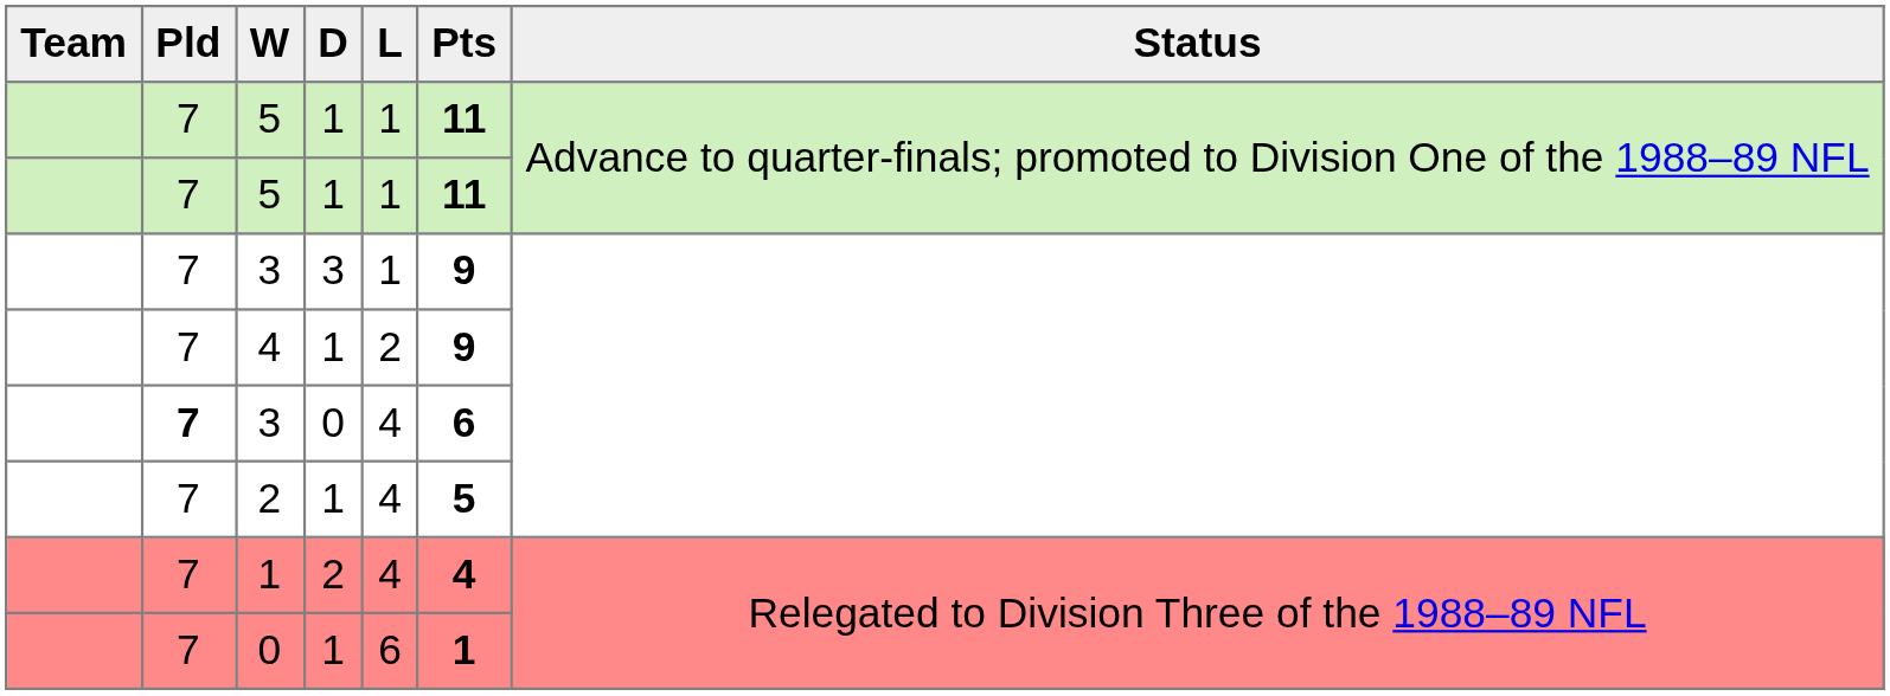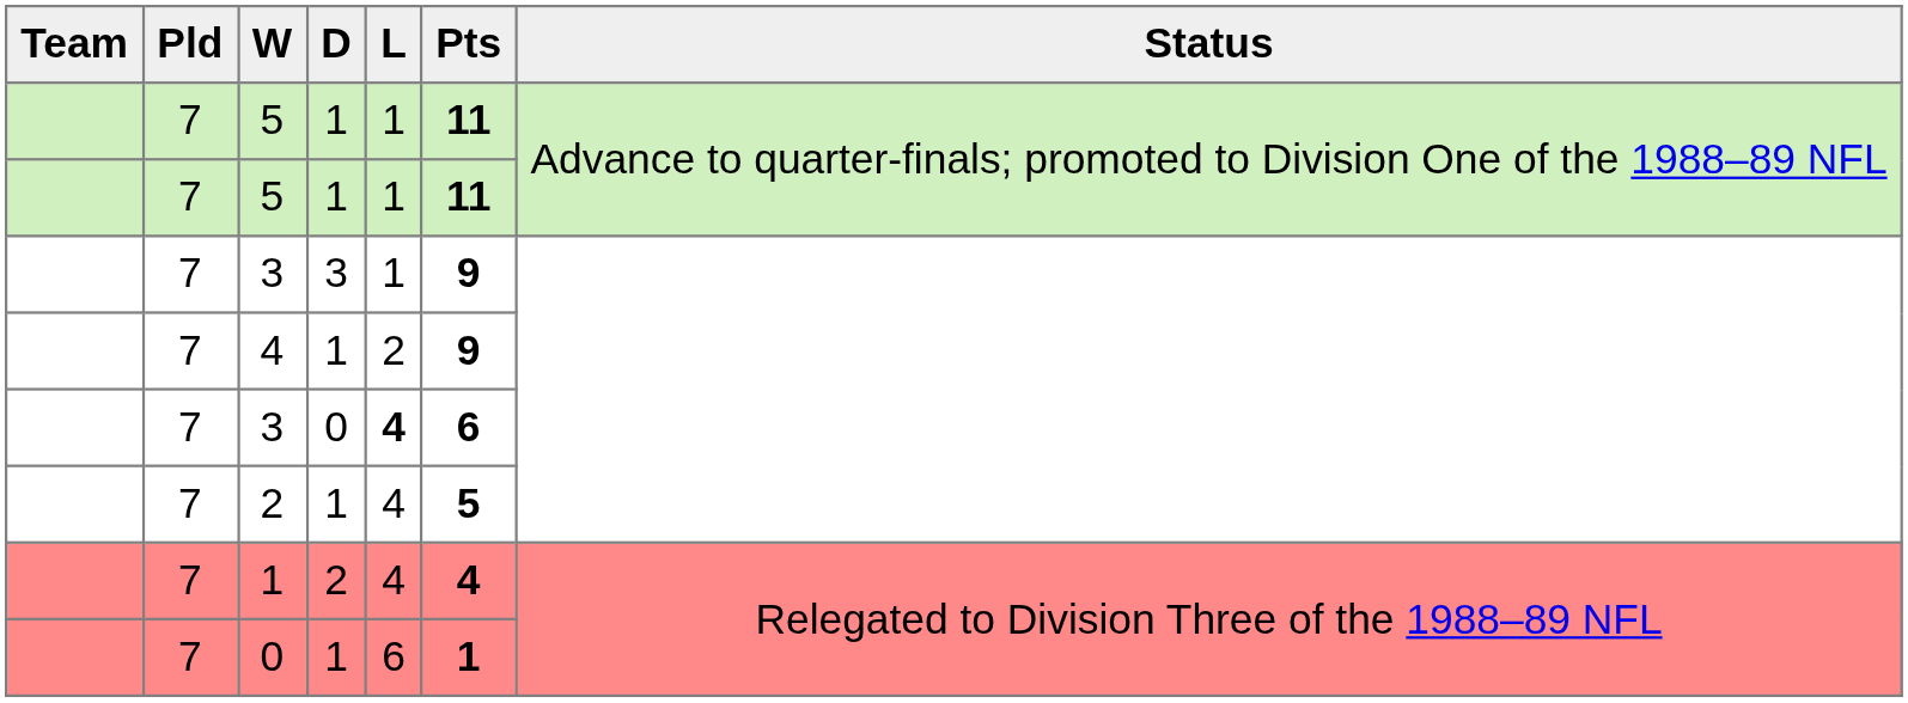 <table style=border-collapse:collapse border=1 cellspacing=0 cellpadding=5>
 <tr align=center bgcolor=#efefef>
 <th>Team</th>
 <th>Pld</th>
 <th>W</th>
 <th>D</th>
 <th>L</th>
 <th>Pts</th>
 <th>Status</th>
 </tr>
 <tr align=center style="background:#D0F0C0;">
 <td style="text-align:left;"> </td>
 <td>7</td>
 <td>5</td>
 <td>1</td>
 <td>1</td>
 <td><strong>11</strong></td>
 <td rowspan=2>Advance to quarter-finals; promoted to Division One of the <a href='#'>1988–89 NFL</a></td>
 </tr>
 <tr align=center style="background:#D0F0C0;">
 <td style="text-align:left;"> </td>
 <td>7</td>
 <td>5</td>
 <td>1</td>
 <td>1</td>
 <td><strong>11</strong></td>
 </tr>
 <tr align=center style="background:#FFFFFF;">
 <td style="text-align:left;"> </td>
 <td>7</td>
 <td>3</td>
 <td>3</td>
 <td>1</td>
 <td><strong>9</strong></td>
 <td rowspan=4></td>
 </tr>
 <tr align=center style="background:#FFFFFF;">
 <td style="text-align:left;"> </td>
 <td>7</td>
 <td>4</td>
 <td>1</td>
 <td>2</td>
 <td><strong>9</strong></td>
 </tr>
 <tr align=center style="background:#FFFFFF;">
 <td style="text-align:left;"> </td>
-<td><strong>7</strong></td>
+<td>7</td>
 <td>3</td>
 <td>0</td>
-<td>4</td>
+<td><strong>4</strong></td>
 <td><strong>6</strong></td>
 </tr>
 <tr align=center style="background:#FFFFFF;">
 <td style="text-align:left;"> </td>
 <td>7</td>
 <td>2</td>
 <td>1</td>
 <td>4</td>
 <td><strong>5</strong></td>
 </tr>
 <tr align=center style="background:#FF8888;">
 <td style="text-align:left;"> </td>
 <td>7</td>
 <td>1</td>
 <td>2</td>
 <td>4</td>
 <td><strong>4</strong></td>
 <td rowspan=2>Relegated to Division Three of the <a href='#'>1988–89 NFL</a></td>
 </tr>
 <tr align=center style="background:#FF8888;">
 <td style="text-align:left;"> </td>
 <td>7</td>
 <td>0</td>
 <td>1</td>
 <td>6</td>
 <td><strong>1</strong></td>
 </tr>
 </table>
